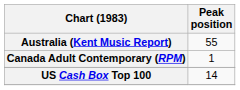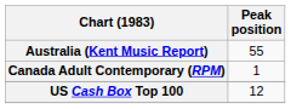 <table class="wikitable sortable plainrowheaders">
 <tr>
 <th>Chart (1983)</th>
 <th>Peak<br>position</th>
 </tr>
 <tr>
 <th scope="row">Australia (<a href='#'>Kent Music Report</a>)</th>
 <td style="text-align:center;">55</td>
 </tr>
 <tr>
 <th scope="row">Canada Adult Contemporary (<em><a href='#'>RPM</a></em>)</th>
 <td style="text-align:center;">1</td>
 </tr>
 <tr>
 </tr>
 <tr>
 </tr>
 <tr>
 </tr>
 <tr>
 <th scope="row">US <a href='#'><em>Cash Box</em></a> Top 100</th>
-<td style="text-align:center;”">14</td>
+<td style="text-align:center;”">12</td>
 </tr>
 <tr>
 </tr>
 <tr>
 </tr>
 </table>
